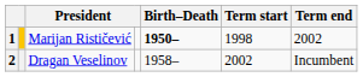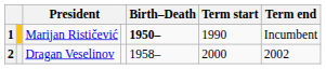 <table class="wikitable">
 <tr>
 <th colspan="2"></th>
 <th colspan="2">President</th>
 <th>Birth–Death</th>
 <th>Term start</th>
 <th>Term end</th>
 </tr>
 <tr>
 <th>1</th>
 <th style="background:#FCC602"></th>
 <td><a href='#'>Marijan Rističević</a></td>
 <td></td>
 <td><strong>1950–</strong></td>
-<td>1998</td>
-<td>2002</td>
+<td>1990</td>
+<td>Incumbent</td>
 </tr>
 <tr>
 <th>2</th>
 <th style="background:"></th>
 <td><a href='#'>Dragan Veselinov</a></td>
 <td></td>
 <td>1958–</td>
+<td>2000</td>
 <td>2002</td>
-<td>Incumbent</td>
 </tr>
 </table>
